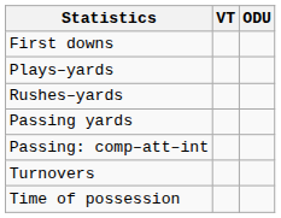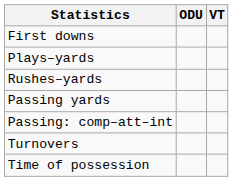 <table class="wikitable" style="float:left">
 <tr>
 <th>Statistics</th>
+<th>ODU</th>
 <th>VT</th>
-<th>ODU</th>
 </tr>
 <tr>
 <td>First downs</td>
 <td></td>
 <td></td>
 </tr>
 <tr>
 <td>Plays–yards</td>
 <td></td>
 <td></td>
 </tr>
 <tr>
 <td>Rushes–yards</td>
 <td></td>
 <td></td>
 </tr>
 <tr>
 <td>Passing yards</td>
 <td></td>
 <td></td>
 </tr>
 <tr>
 <td>Passing: comp–att–int</td>
 <td></td>
 <td></td>
 </tr>
 <tr>
 <td>Turnovers</td>
 <td></td>
 <td></td>
 </tr>
 <tr>
 <td>Time of possession</td>
 <td></td>
 <td></td>
 </tr>
 </table>
